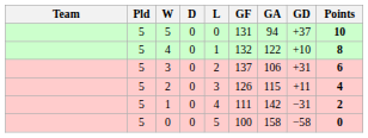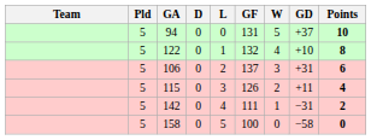 <table class=wikitable style="text-align:center" width="500">
 <tr>
 <th width=25%>Team</th>
 <th width=5%>Pld</th>
-<th width=5%>W</th>
+<th width=5%>GA</th>
 <th width=5%>D</th>
 <th width=5%>L</th>
 <th width=5%>GF</th>
-<th width=5%>GA</th>
+<th width=5%>W</th>
 <th width=5%>GD</th>
 <th width=8%>Points</th>
 </tr>
 <tr bgcolor="#ccffcc">
 <td align="left"></td>
 <td>5</td>
-<td>5</td>
+<td>94</td>
 <td>0</td>
 <td>0</td>
 <td>131</td>
-<td>94</td>
+<td>5</td>
 <td>+37</td>
 <td><strong>10</strong></td>
 </tr>
 <tr bgcolor="#ccffcc">
 <td align="left"></td>
 <td>5</td>
-<td>4</td>
+<td>122</td>
 <td>0</td>
 <td>1</td>
 <td>132</td>
-<td>122</td>
+<td>4</td>
 <td>+10</td>
 <td><strong>8</strong></td>
 </tr>
 <tr bgcolor="#ffcccc">
 <td align="left"></td>
 <td>5</td>
-<td>3</td>
+<td>106</td>
 <td>0</td>
 <td>2</td>
 <td>137</td>
-<td>106</td>
+<td>3</td>
 <td>+31</td>
 <td><strong>6</strong></td>
 </tr>
 <tr bgcolor="#ffcccc">
 <td align="left"></td>
 <td>5</td>
-<td>2</td>
+<td>115</td>
 <td>0</td>
 <td>3</td>
 <td>126</td>
-<td>115</td>
+<td>2</td>
 <td>+11</td>
 <td><strong>4</strong></td>
 </tr>
 <tr bgcolor="ffcccc">
 <td align="left"></td>
 <td>5</td>
-<td>1</td>
+<td>142</td>
 <td>0</td>
 <td>4</td>
 <td>111</td>
-<td>142</td>
+<td>1</td>
 <td>−31</td>
 <td><strong>2</strong></td>
 </tr>
 <tr bgcolor="ffcccc">
 <td align="left"></td>
 <td>5</td>
-<td>0</td>
+<td>158</td>
 <td>0</td>
 <td>5</td>
 <td>100</td>
-<td>158</td>
+<td>0</td>
 <td>−58</td>
 <td><strong>0</strong></td>
 </tr>
 </table>
